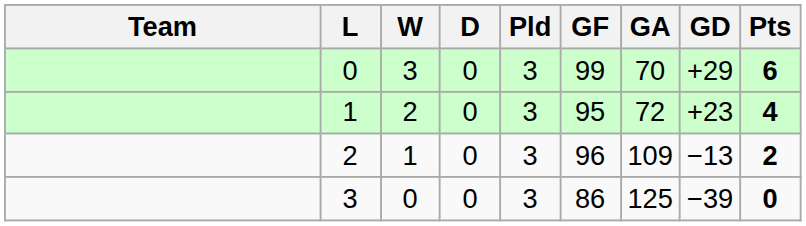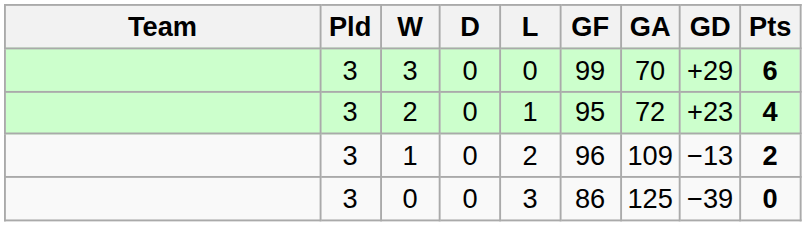 <table class="wikitable" style="text-align: center; font-size:90% ">
 <tr>
 <th width=160>Team</th>
-<th width=25>L</th>
+<th width=25>Pld</th>
 <th width=25>W</th>
 <th width=25>D</th>
-<th width=25>Pld</th>
+<th width=25>L</th>
 <th width=25>GF</th>
 <th width=25>GA</th>
 <th width=25>GD</th>
 <th width=25>Pts</th>
 </tr>
 <tr bgcolor=ccffcc>
 <td align=left></td>
-<td>0</td>
+<td>3</td>
 <td>3</td>
 <td>0</td>
-<td>3</td>
+<td>0</td>
 <td>99</td>
 <td>70</td>
 <td>+29</td>
 <td><strong>6</strong></td>
 </tr>
 <tr bgcolor=ccffcc>
 <td align=left></td>
-<td>1</td>
+<td>3</td>
 <td>2</td>
 <td>0</td>
-<td>3</td>
+<td>1</td>
 <td>95</td>
 <td>72</td>
 <td>+23</td>
 <td><strong>4</strong></td>
 </tr>
 <tr>
 <td align=left></td>
-<td>2</td>
+<td>3</td>
 <td>1</td>
 <td>0</td>
-<td>3</td>
+<td>2</td>
 <td>96</td>
 <td>109</td>
 <td>−13</td>
 <td><strong>2</strong></td>
 </tr>
 <tr>
 <td align=left></td>
 <td>3</td>
 <td>0</td>
 <td>0</td>
 <td>3</td>
 <td>86</td>
 <td>125</td>
 <td>−39</td>
 <td><strong>0</strong></td>
 </tr>
 </table>
